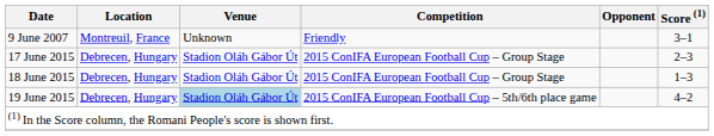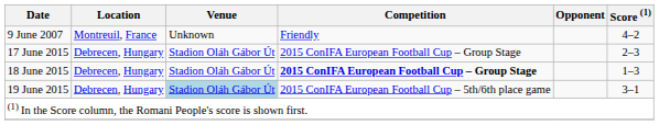 <table class="wikitable">
 <tr>
 <th>Date</th>
 <th>Location</th>
 <th>Venue</th>
 <th>Competition</th>
 <th>Opponent</th>
 <th>Score <sup>(1) </sup></th>
 </tr>
 <tr>
 <td>9 June 2007</td>
 <td><a href='#'>Montreuil</a>, <a href='#'>France</a></td>
 <td>Unknown</td>
 <td><a href='#'>Friendly</a></td>
 <td></td>
-<td align=center>3–1</td>
+<td align=center>4–2</td>
 </tr>
 <tr>
 <td>17 June 2015</td>
 <td><a href='#'>Debrecen</a>, <a href='#'>Hungary</a></td>
 <td><a href='#'>Stadion Oláh Gábor Út</a></td>
 <td><a href='#'>2015 ConIFA European Football Cup</a> – Group Stage</td>
 <td></td>
 <td align=center>2–3</td>
 </tr>
 <tr>
 <td>18 June 2015</td>
 <td><a href='#'>Debrecen</a>, <a href='#'>Hungary</a></td>
 <td><a href='#'>Stadion Oláh Gábor Út</a></td>
-<td><a href='#'>2015 ConIFA European Football Cup</a> – Group Stage</td>
+<td><strong><a href='#'>2015 ConIFA European Football Cup</a> – Group Stage</strong></td>
 <td></td>
 <td align=center>1–3</td>
 </tr>
 <tr>
 <td>19 June 2015</td>
 <td><a href='#'>Debrecen</a>, <a href='#'>Hungary</a></td>
 <td style="background: lightblue;"><a href='#'>Stadion Oláh Gábor Út</a></td>
 <td><a href='#'>2015 ConIFA European Football Cup</a> – 5th/6th place game</td>
 <td></td>
-<td align=center>4–2</td>
+<td align=center>3–1</td>
 </tr>
 <tr>
 <td colspan="7" style="background:#fff;"><sup>(1) </sup>In the Score column, the Romani People's score is shown first.</td>
 </tr>
 <tr>
 </tr>
 </table>
